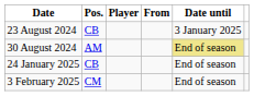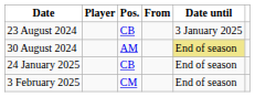 <table class="wikitable plainrowheaders sortable">
 <tr>
 <th style="background-color: white; color:black; ">Date</th>
+<th style="background-color: white; color:black; ">Player</th>
 <th style="background-color: white; color:black; ">Pos.</th>
-<th style="background-color: white; color:black; ">Player</th>
 <th style="background-color: white; color:black; ">From</th>
 <th style="background-color: white; color:black; ">Date until</th>
 <th style="background-color: white; color:black; "></th>
 </tr>
 <tr>
 <td>23 August 2024</td>
+<td></td>
 <td><a href='#'>CB</a></td>
-<td></td>
 <td></td>
 <td>3 January 2025</td>
 <td></td>
 </tr>
 <tr>
 <td>30 August 2024</td>
+<td></td>
 <td><a href='#'>AM</a></td>
-<td></td>
 <td></td>
 <td style="background: khaki;">End of season</td>
 <td></td>
 </tr>
 <tr>
 <td>24 January 2025</td>
+<td></td>
 <td><a href='#'>CB</a></td>
-<td></td>
 <td></td>
 <td>End of season</td>
 <td></td>
 </tr>
 <tr>
 <td>3 February 2025</td>
+<td></td>
 <td><a href='#'>CM</a></td>
-<td></td>
 <td></td>
 <td>End of season</td>
 <td></td>
 </tr>
 </table>
